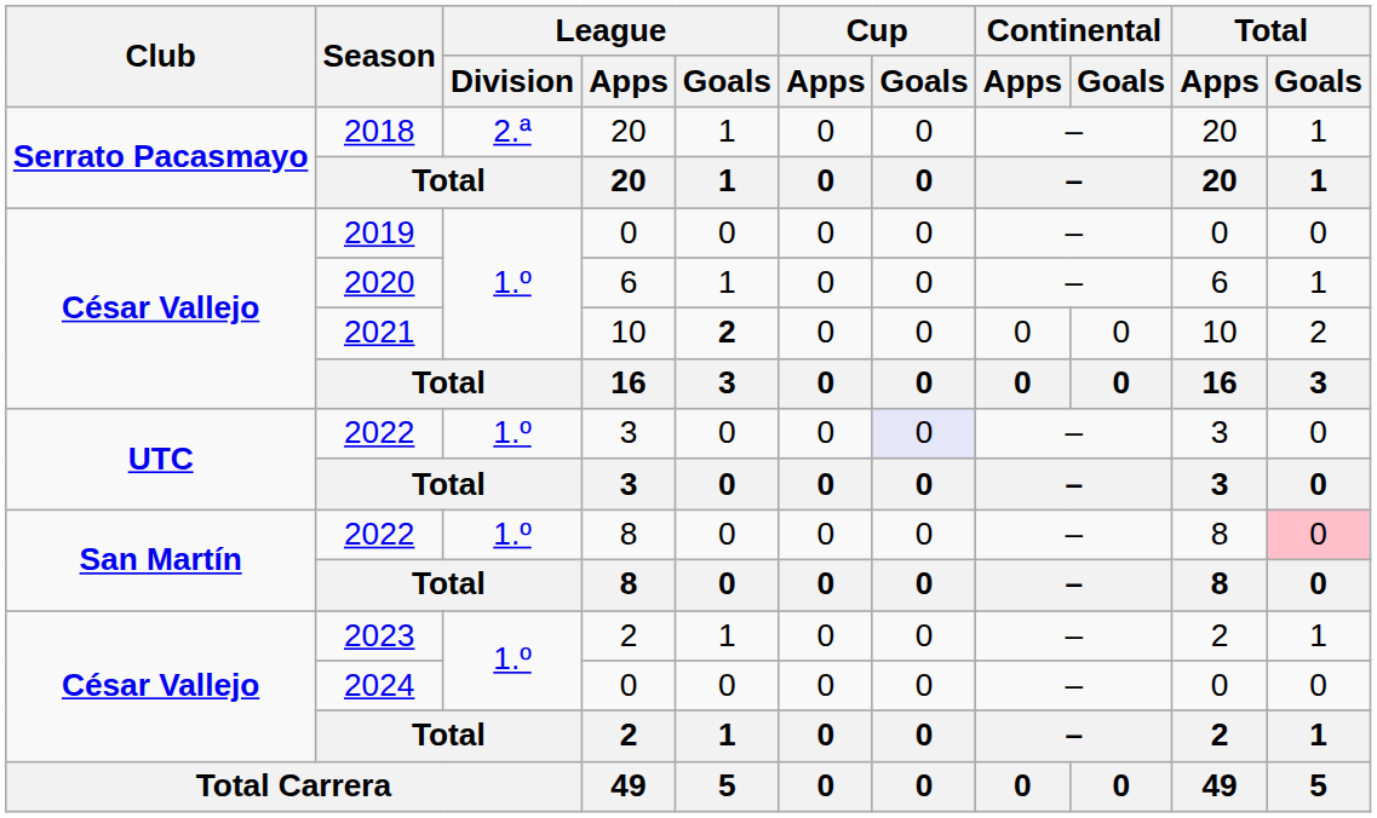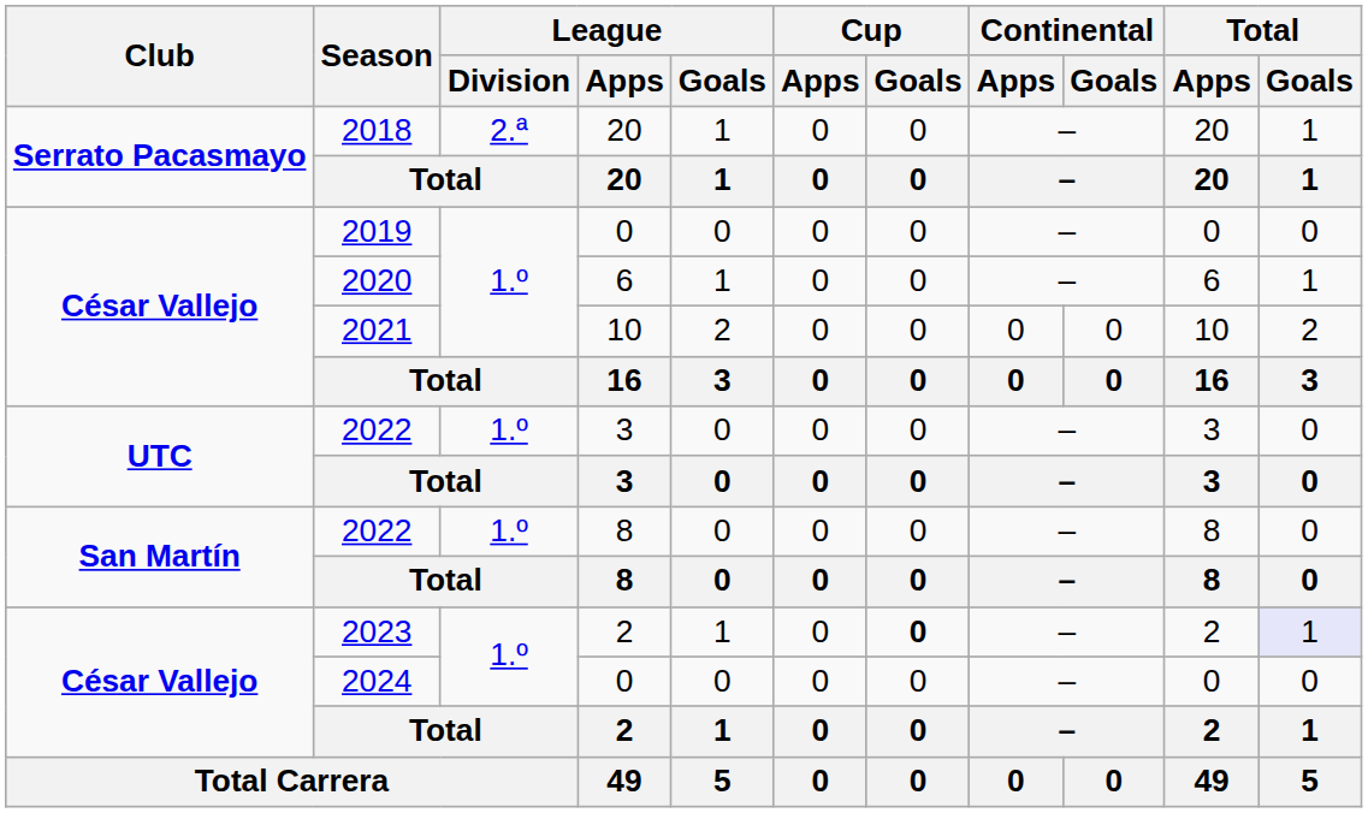 <table class="wikitable" style="text-align: center">
 <tr>
 <th rowspan="2">Club</th>
 <th rowspan="2">Season</th>
 <th colspan="3">League</th>
 <th colspan="2">Cup</th>
 <th colspan="2">Continental</th>
 <th colspan="2">Total</th>
 </tr>
 <tr>
 <th>Division</th>
 <th>Apps</th>
 <th>Goals</th>
 <th>Apps</th>
 <th>Goals</th>
 <th>Apps</th>
 <th>Goals</th>
 <th>Apps</th>
 <th>Goals</th>
 </tr>
 <tr>
 <td rowspan="2"><strong><a href='#'>Serrato Pacasmayo</a></strong></td>
 <td><a href='#'>2018</a></td>
 <td><a href='#'>2.ª</a></td>
 <td>20</td>
 <td>1</td>
 <td>0</td>
 <td>0</td>
 <td colspan="2">–</td>
 <td>20</td>
 <td>1</td>
 </tr>
 <tr>
 <th colspan="2">Total</th>
 <th>20</th>
 <th>1</th>
 <th>0</th>
 <th>0</th>
 <th colspan="2">–</th>
 <th>20</th>
 <th>1</th>
 </tr>
 <tr>
 <td rowspan="4"><strong><a href='#'>César Vallejo</a></strong></td>
 <td><a href='#'>2019</a></td>
 <td rowspan="3"><a href='#'>1.º</a></td>
 <td>0</td>
 <td>0</td>
 <td>0</td>
 <td>0</td>
 <td colspan="2">–</td>
 <td>0</td>
 <td>0</td>
 </tr>
 <tr>
 <td><a href='#'>2020</a></td>
 <td>6</td>
 <td>1</td>
 <td>0</td>
 <td>0</td>
 <td colspan="2">–</td>
 <td>6</td>
 <td>1</td>
 </tr>
 <tr>
 <td><a href='#'>2021</a></td>
 <td>10</td>
-<td><strong>2</strong></td>
+<td>2</td>
 <td>0</td>
 <td>0</td>
 <td>0</td>
 <td>0</td>
 <td>10</td>
 <td>2</td>
 </tr>
 <tr>
 <th colspan="2"><strong>Total</strong></th>
 <th>16</th>
 <th>3</th>
 <th>0</th>
 <th>0</th>
 <th>0</th>
 <th>0</th>
 <th>16</th>
 <th>3</th>
 </tr>
 <tr>
 <td rowspan="2"><strong><a href='#'>UTC</a></strong></td>
 <td><a href='#'>2022</a></td>
 <td><a href='#'>1.º</a></td>
 <td>3</td>
 <td>0</td>
 <td>0</td>
-<td style="background: lavender;">0</td>
+<td>0</td>
 <td colspan="2">–</td>
 <td>3</td>
 <td>0</td>
 </tr>
 <tr>
 <th colspan="2">Total</th>
 <th>3</th>
 <th>0</th>
 <th>0</th>
 <th>0</th>
 <th colspan="2">–</th>
 <th>3</th>
 <th>0</th>
 </tr>
 <tr>
 <td rowspan="2"><strong><a href='#'>San Martín</a></strong></td>
 <td><a href='#'>2022</a></td>
 <td><a href='#'>1.º</a></td>
 <td>8</td>
 <td>0</td>
 <td>0</td>
 <td>0</td>
 <td colspan="2">–</td>
 <td>8</td>
-<td style="background: pink;">0</td>
+<td>0</td>
 </tr>
 <tr>
 <th colspan="2">Total</th>
 <th>8</th>
 <th>0</th>
 <th>0</th>
 <th>0</th>
 <th colspan="2">–</th>
 <th>8</th>
 <th>0</th>
 </tr>
 <tr>
 <td rowspan="3"><a href='#'><strong>César Vallejo</strong></a></td>
 <td><a href='#'>2023</a></td>
 <td rowspan="2"><a href='#'>1.º</a></td>
 <td>2</td>
 <td>1</td>
 <td>0</td>
-<td>0</td>
+<td><strong>0</strong></td>
 <td colspan="2">–</td>
 <td>2</td>
-<td>1</td>
+<td style="background: lavender;">1</td>
 </tr>
 <tr>
 <td><a href='#'>2024</a></td>
 <td>0</td>
 <td>0</td>
 <td>0</td>
 <td>0</td>
 <td colspan="2">–</td>
 <td>0</td>
 <td>0</td>
 </tr>
 <tr>
 <th colspan="2">Total</th>
 <th>2</th>
 <th>1</th>
 <th>0</th>
 <th>0</th>
 <th colspan="2">–</th>
 <th>2</th>
 <th>1</th>
 </tr>
 <tr>
 <th colspan="3">Total Carrera</th>
 <th>49</th>
 <th>5</th>
 <th>0</th>
 <th>0</th>
 <th>0</th>
 <th>0</th>
 <th>49</th>
 <th>5</th>
 </tr>
 </table>
